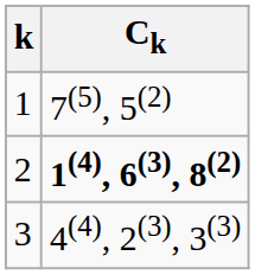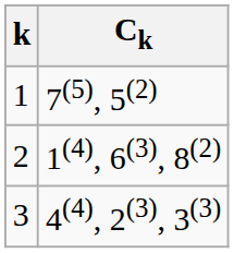 <table class="wikitable">
 <tr>
 <th>k</th>
 <th>C<sub>k</sub></th>
 </tr>
 <tr>
 <td>1</td>
 <td>7<sup>(5)</sup>, 5<sup>(2)</sup></td>
 </tr>
 <tr>
 <td>2</td>
-<td><strong>1<sup>(4)</sup>, 6<sup>(3)</sup>, 8<sup>(2)</sup></strong></td>
+<td>1<sup>(4)</sup>, 6<sup>(3)</sup>, 8<sup>(2)</sup></td>
 </tr>
 <tr>
 <td>3</td>
 <td>4<sup>(4)</sup>, 2<sup>(3)</sup>, 3<sup>(3)</sup></td>
 </tr>
 </table>
